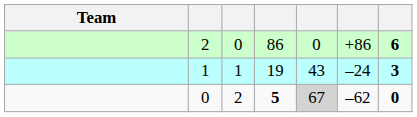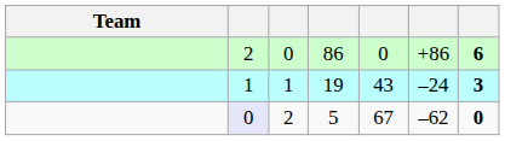 <table class="wikitable" style="text-align:center;">
 <tr>
 <th style="width:10.5em;">Team</th>
 <th style="width:1.5em;"></th>
 <th style="width:1.5em;"></th>
 <th style="width:2.0em;"></th>
 <th style="width:2.0em;"></th>
 <th style="width:2.0em;"></th>
 <th style="width:1.5em;"></th>
 </tr>
 <tr bgcolor=#cfc>
 <td align="left"></td>
 <td>2</td>
 <td>0</td>
 <td>86</td>
 <td>0</td>
 <td>+86</td>
 <td><strong>6</strong></td>
 </tr>
 <tr bgcolor=#bff>
 <td align="left"></td>
 <td>1</td>
 <td>1</td>
 <td>19</td>
 <td>43</td>
 <td>–24</td>
 <td><strong>3</strong></td>
 </tr>
 <tr>
 <td align="left"></td>
-<td>0</td>
+<td style="background: lavender;">0</td>
 <td>2</td>
-<td><strong>5</strong></td>
-<td style="background: lightgrey;">67</td>
+<td>5</td>
+<td>67</td>
 <td>–62</td>
 <td><strong>0</strong></td>
 </tr>
 </table>
